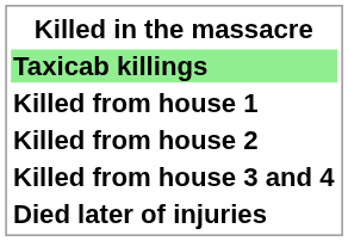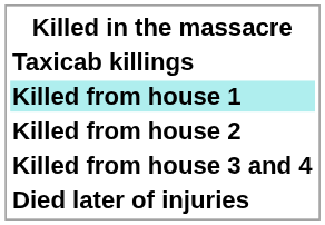 <table style="float:right; margin:0 0 0.5em .5em; width:auto; border:.5px solid #a0a0a0; padding:.5px; white-space:nowrap; font-size:85%;">
 <tr style="background:;">
 <th>Killed in the massacre</th>
 </tr>
 <tr>
-<td style="background: lightgreen;"><strong>Taxicab killings</strong><br></td>
+<td><strong>Taxicab killings</strong><br></td>
 </tr>
 <tr>
-<td><strong>Killed from house  1</strong><br></td>
+<td style="background: paleturquoise;"><strong>Killed from house  1</strong><br></td>
 </tr>
 <tr>
 <td><strong>Killed from house  2</strong><br></td>
 </tr>
 <tr>
 <td><strong>Killed from house  3 and 4</strong><br></td>
 </tr>
 <tr>
 <td><strong>Died later of injuries</strong><br></td>
 </tr>
 </table>
